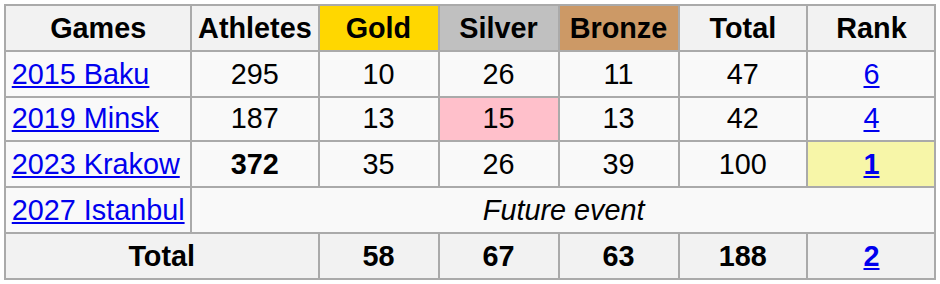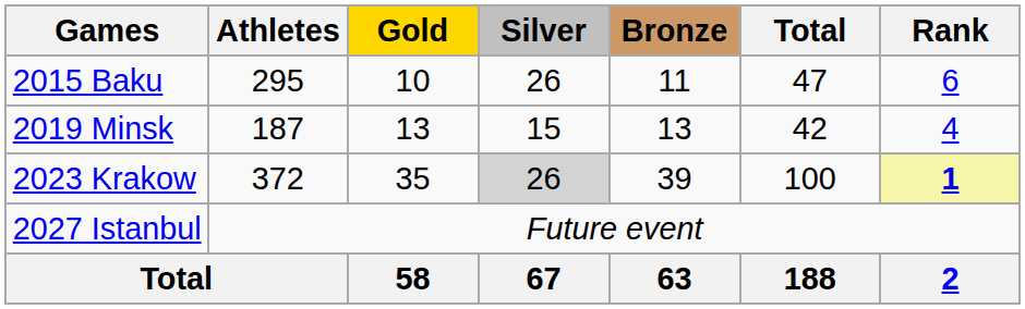 <table class="wikitable" style="text-align:center; font-size:90%;">
 <tr>
 <th>Games</th>
 <th>Athletes</th>
 <td style="background:gold; width:3.7em; font-weight:bold;">Gold</td>
 <td style="background:silver; width:3.7em; font-weight:bold;">Silver</td>
 <td style="background:#cc9966; width:3.7em; font-weight:bold;">Bronze</td>
 <th style="width:4em; font-weight:bold;">Total</th>
 <th style="width:4em; font-weight:bold;">Rank</th>
 </tr>
 <tr>
 <td align=left> <a href='#'>2015 Baku</a></td>
 <td>295</td>
 <td>10</td>
 <td>26</td>
 <td>11</td>
 <td>47</td>
 <td><a href='#'>6</a></td>
 </tr>
 <tr>
 <td align=left> <a href='#'>2019 Minsk</a></td>
 <td>187</td>
 <td>13</td>
-<td style="background: pink;">15</td>
+<td>15</td>
 <td>13</td>
 <td>42</td>
 <td><a href='#'>4</a></td>
 </tr>
 <tr>
 <td align=left> <a href='#'>2023 Krakow</a></td>
-<td><strong>372</strong></td>
+<td>372</td>
 <td>35</td>
-<td>26</td>
+<td style="background: lightgrey;">26</td>
 <td>39</td>
 <td>100</td>
 <td style="background:#f7f6a8;"><strong><a href='#'>1</a></strong></td>
 </tr>
 <tr>
 <td align=left> <a href='#'>2027 Istanbul</a></td>
 <td colspan=6><em>Future event</em></td>
 </tr>
 <tr>
 <th colspan=2>Total</th>
 <th>58</th>
 <th>67</th>
 <th>63</th>
 <th>188</th>
 <th><a href='#'>2</a></th>
 </tr>
 </table>
